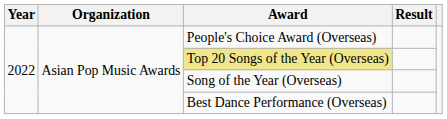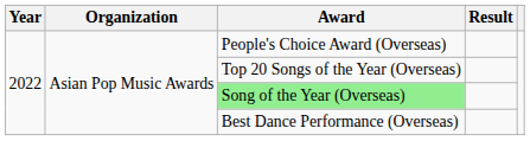 <table class="wikitable plainrowheaders">
 <tr align=center>
 <th scope="col">Year</th>
 <th scope="col">Organization</th>
 <th scope="col">Award</th>
 <th scope="col">Result</th>
 <th scope="col"></th>
 </tr>
 <tr>
 <td rowspan="4">2022</td>
 <td rowspan="4">Asian Pop Music Awards</td>
 <td>People's Choice Award (Overseas)</td>
 <td></td>
 <td rowspan="4" style="text-align:center"></td>
 </tr>
 <tr>
-<td style="background: khaki;">Top 20 Songs of the Year (Overseas)</td>
+<td>Top 20 Songs of the Year (Overseas)</td>
 <td></td>
 </tr>
 <tr>
-<td>Song of the Year (Overseas)</td>
+<td style="background: lightgreen;">Song of the Year (Overseas)</td>
 <td></td>
 </tr>
 <tr>
 <td>Best Dance Performance (Overseas)</td>
 <td></td>
 </tr>
 </table>
